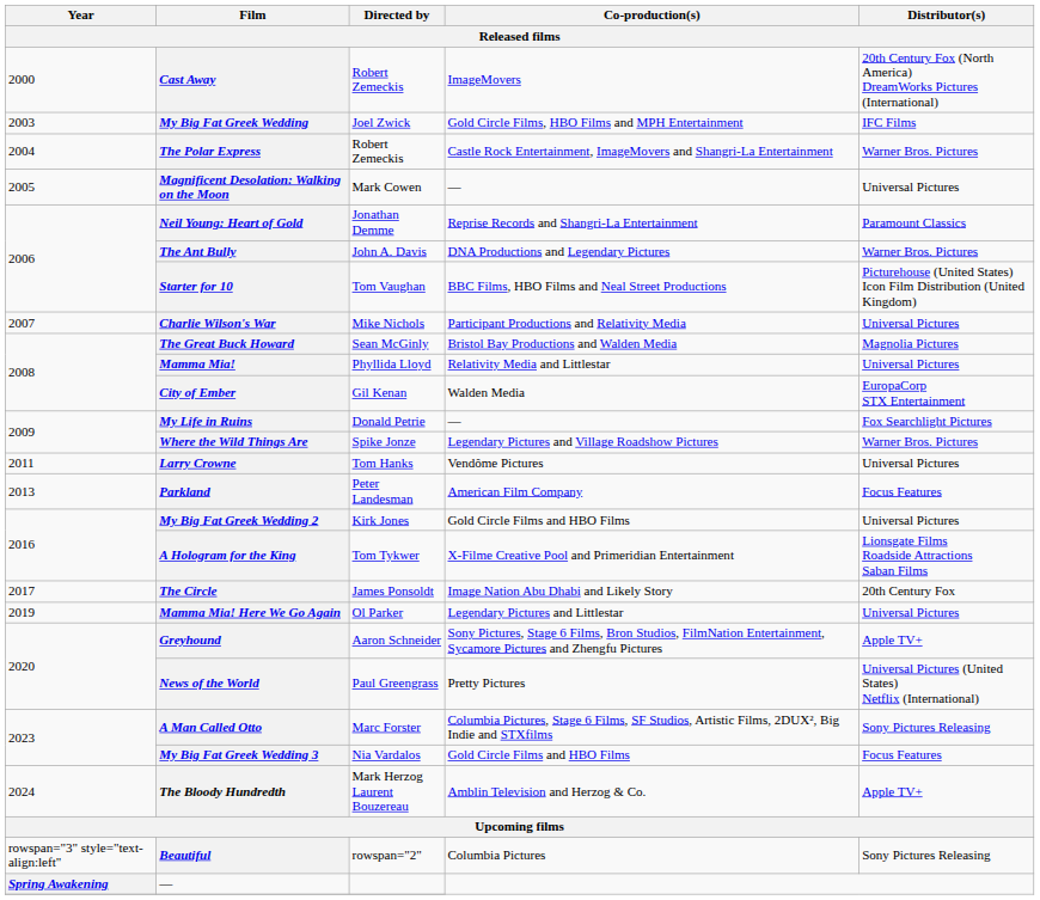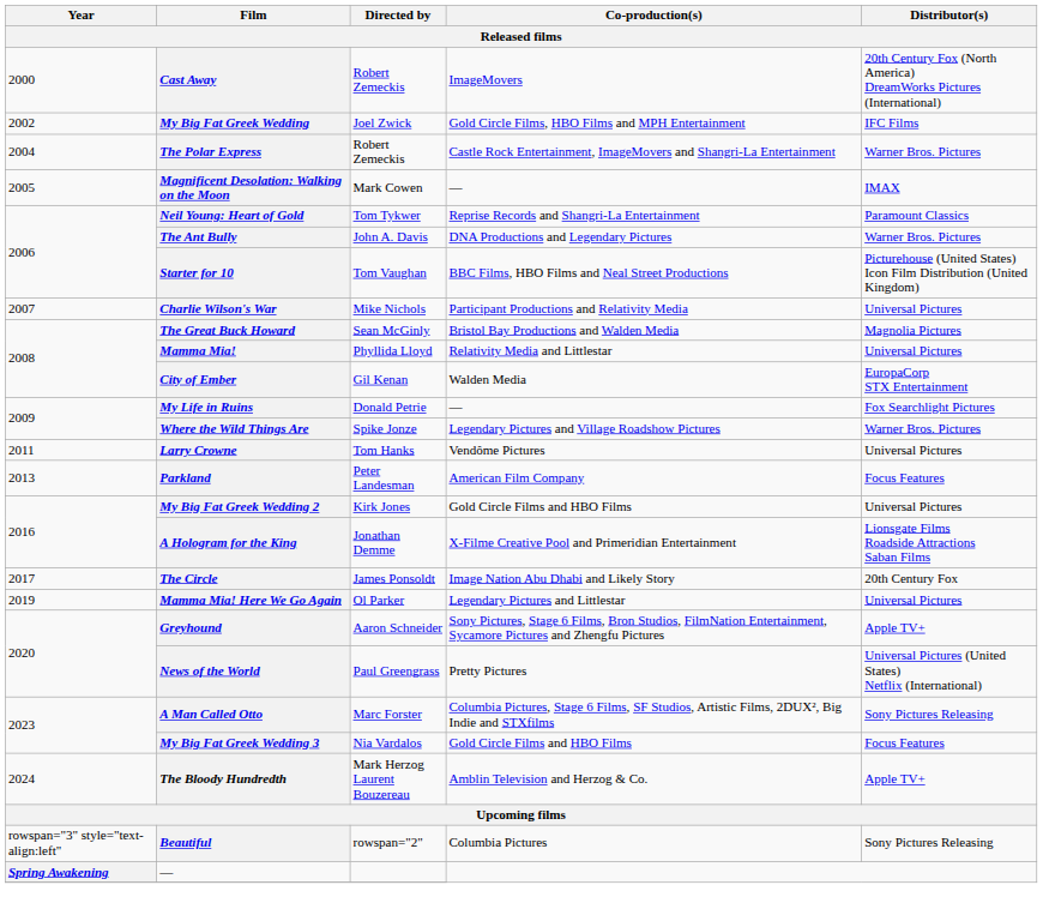 <table class="wikitable sortable">
 <tr>
 <th>Year</th>
 <th>Film</th>
 <th>Directed by</th>
 <th>Co-production(s)</th>
 <th>Distributor(s)</th>
 </tr>
 <tr>
 <th colspan="5" style="text-align:center;">Released films</th>
 </tr>
 <tr>
 <td style="text-align:left">2000</td>
 <th scope="row" style="text-align:left"><em><a href='#'>Cast Away</a></em></th>
 <td><a href='#'>Robert Zemeckis</a></td>
 <td><a href='#'>ImageMovers</a></td>
 <td><a href='#'>20th Century Fox</a> (North America)<br><a href='#'>DreamWorks Pictures</a> (International)</td>
 </tr>
 <tr>
-<td style="text-align:left">2003</td>
+<td style="text-align:left">2002</td>
 <th scope="row" style="text-align:left"><em><a href='#'>My Big Fat Greek Wedding</a></em></th>
 <td><a href='#'>Joel Zwick</a></td>
 <td><a href='#'>Gold Circle Films</a>, <a href='#'>HBO Films</a> and <a href='#'>MPH Entertainment</a></td>
 <td><a href='#'>IFC Films</a></td>
 </tr>
 <tr>
 <td style="text-align:left">2004</td>
 <th scope="row" style="text-align:left"><em><a href='#'>The Polar Express</a></em></th>
 <td>Robert Zemeckis</td>
 <td><a href='#'>Castle Rock Entertainment</a>, <a href='#'>ImageMovers</a> and <a href='#'>Shangri-La Entertainment</a></td>
 <td><a href='#'>Warner Bros. Pictures</a></td>
 </tr>
 <tr>
 <td style="text-align:left">2005</td>
 <th scope="row" style="text-align:left"><em><a href='#'>Magnificent Desolation: Walking on the Moon</a></em></th>
 <td>Mark Cowen</td>
 <td>—</td>
-<td>Universal Pictures</td>
+<td><a href='#'>IMAX</a></td>
 </tr>
 <tr>
 <td rowspan="3" style="text-align:left">2006</td>
 <th scope="row" style="text-align:left"><em><a href='#'>Neil Young: Heart of Gold</a></em></th>
-<td><a href='#'>Jonathan Demme</a></td>
+<td><a href='#'>Tom Tykwer</a></td>
 <td><a href='#'>Reprise Records</a> and <a href='#'>Shangri-La Entertainment</a></td>
 <td><a href='#'>Paramount Classics</a></td>
 </tr>
 <tr>
 <th scope="row" style="text-align:left"><em><a href='#'>The Ant Bully</a></em></th>
 <td><a href='#'>John A. Davis</a></td>
 <td><a href='#'>DNA Productions</a> and <a href='#'>Legendary Pictures</a></td>
 <td><a href='#'>Warner Bros. Pictures</a></td>
 </tr>
 <tr>
 <th scope="row" style="text-align:left"><em><a href='#'>Starter for 10</a></em></th>
 <td><a href='#'>Tom Vaughan</a></td>
 <td><a href='#'>BBC Films</a>, HBO Films and <a href='#'>Neal Street Productions</a></td>
 <td><a href='#'>Picturehouse</a> (United States)<br>Icon Film Distribution (United Kingdom)</td>
 </tr>
 <tr>
 <td style="text-align:left">2007</td>
 <th scope="row" style="text-align:left"><em><a href='#'>Charlie Wilson's War</a></em></th>
 <td><a href='#'>Mike Nichols</a></td>
 <td><a href='#'>Participant Productions</a> and <a href='#'>Relativity Media</a></td>
 <td><a href='#'>Universal Pictures</a></td>
 </tr>
 <tr>
 <td rowspan="3" style="text-align:left">2008</td>
 <th scope="row" style="text-align:left"><em><a href='#'>The Great Buck Howard</a></em></th>
 <td><a href='#'>Sean McGinly</a></td>
 <td><a href='#'>Bristol Bay Productions</a> and <a href='#'>Walden Media</a></td>
 <td><a href='#'>Magnolia Pictures</a></td>
 </tr>
 <tr>
 <th scope="row" style="text-align:left"><em><a href='#'>Mamma Mia!</a></em></th>
 <td><a href='#'>Phyllida Lloyd</a></td>
 <td><a href='#'>Relativity Media</a> and Littlestar</td>
 <td><a href='#'>Universal Pictures</a></td>
 </tr>
 <tr>
 <th scope="row" style="text-align:left"><em><a href='#'>City of Ember</a></em></th>
 <td><a href='#'>Gil Kenan</a></td>
 <td>Walden Media</td>
 <td><a href='#'>EuropaCorp</a><br><a href='#'>STX Entertainment</a></td>
 </tr>
 <tr>
 <td rowspan="2" style="text-align:left">2009</td>
 <th scope="row" style="text-align:left"><em><a href='#'>My Life in Ruins</a></em></th>
 <td><a href='#'>Donald Petrie</a></td>
 <td>—</td>
 <td><a href='#'>Fox Searchlight Pictures</a></td>
 </tr>
 <tr>
 <th scope="row" style="text-align:left"><em><a href='#'>Where the Wild Things Are</a></em></th>
 <td><a href='#'>Spike Jonze</a></td>
 <td><a href='#'>Legendary Pictures</a> and <a href='#'>Village Roadshow Pictures</a></td>
 <td><a href='#'>Warner Bros. Pictures</a></td>
 </tr>
 <tr>
 <td style="text-align:left">2011</td>
 <th scope="row" style="text-align:left"><em><a href='#'>Larry Crowne</a></em></th>
 <td><a href='#'>Tom Hanks</a></td>
 <td>Vendôme Pictures</td>
 <td>Universal Pictures</td>
 </tr>
 <tr>
 <td style="text-align:left">2013</td>
 <th scope="row" style="text-align:left"><em><a href='#'>Parkland</a></em></th>
 <td><a href='#'>Peter Landesman</a></td>
 <td><a href='#'>American Film Company</a></td>
 <td><a href='#'>Focus Features</a></td>
 </tr>
 <tr>
 <td rowspan="2" style="text-align:left">2016</td>
 <th scope="row" style="text-align:left"><em><a href='#'>My Big Fat Greek Wedding 2</a></em></th>
 <td><a href='#'>Kirk Jones</a></td>
 <td>Gold Circle Films and HBO Films</td>
 <td>Universal Pictures</td>
 </tr>
 <tr>
 <th scope="row" style="text-align:left"><em><a href='#'>A Hologram for the King</a></em></th>
-<td><a href='#'>Tom Tykwer</a></td>
+<td><a href='#'>Jonathan Demme</a></td>
 <td><a href='#'>X-Filme Creative Pool</a> and Primeridian Entertainment</td>
 <td><a href='#'>Lionsgate Films</a><br><a href='#'>Roadside Attractions</a><br><a href='#'>Saban Films</a></td>
 </tr>
 <tr>
 <td style="text-align:left">2017</td>
 <th scope="row" style="text-align:left"><em><a href='#'>The Circle</a></em></th>
 <td><a href='#'>James Ponsoldt</a></td>
 <td><a href='#'>Image Nation Abu Dhabi</a> and Likely Story</td>
 <td>20th Century Fox</td>
 </tr>
 <tr>
 <td style="text-align:left">2019</td>
 <th scope="row" style="text-align:left"><em><a href='#'>Mamma Mia! Here We Go Again</a></em></th>
 <td><a href='#'>Ol Parker</a></td>
 <td><a href='#'>Legendary Pictures</a> and Littlestar</td>
 <td><a href='#'>Universal Pictures</a></td>
 </tr>
 <tr>
 <td rowspan="2" style="text-align:left">2020</td>
 <th scope="row" style="text-align:left"><em><a href='#'>Greyhound</a></em></th>
 <td><a href='#'>Aaron Schneider</a></td>
 <td><a href='#'>Sony Pictures</a>, <a href='#'>Stage 6 Films</a>, <a href='#'>Bron Studios</a>, <a href='#'>FilmNation Entertainment</a>, <a href='#'>Sycamore Pictures</a> and Zhengfu Pictures</td>
 <td><a href='#'>Apple TV+</a></td>
 </tr>
 <tr>
 <th scope="row" style="text-align:left"><em><a href='#'>News of the World</a></em></th>
 <td><a href='#'>Paul Greengrass</a></td>
 <td>Pretty Pictures</td>
 <td><a href='#'>Universal Pictures</a> (United States)<br><a href='#'>Netflix</a> (International)</td>
 </tr>
 <tr>
 <td rowspan="2" style="text-align:left">2023</td>
 <th scope="row" style="text-align:left"><em><a href='#'>A Man Called Otto</a></em></th>
 <td><a href='#'>Marc Forster</a></td>
 <td><a href='#'>Columbia Pictures</a>, <a href='#'>Stage 6 Films</a>, <a href='#'>SF Studios</a>, Artistic Films, 2DUX², Big Indie and <a href='#'>STXfilms</a></td>
 <td><a href='#'>Sony Pictures Releasing</a></td>
 </tr>
 <tr>
 <th scope="row" style="text-align:left"><em><a href='#'>My Big Fat Greek Wedding 3</a></em></th>
 <td><a href='#'>Nia Vardalos</a></td>
 <td><a href='#'>Gold Circle Films</a> and <a href='#'>HBO Films</a></td>
 <td><a href='#'>Focus Features</a></td>
 </tr>
 <tr>
 <td style="text-align:left">2024</td>
 <th scope="row" style="text-align:left"><em>The Bloody Hundredth</em></th>
 <td>Mark Herzog<br><a href='#'>Laurent Bouzereau</a></td>
 <td><a href='#'>Amblin Television</a> and Herzog & Co.</td>
 <td><a href='#'>Apple TV+</a></td>
 </tr>
 <tr>
 <th colspan="5" style="text-align:center;">Upcoming films</th>
 </tr>
 <tr>
 <td>rowspan="3" style="text-align:left" </td>
 <th scope="row" style="text-align:left"><em><a href='#'>Beautiful</a></em></th>
 <td>rowspan="2" </td>
 <td>Columbia Pictures</td>
 <td>Sony Pictures Releasing</td>
 </tr>
 <tr>
 <th scope="row" style="text-align:left"><em><a href='#'>Spring Awakening</a></em></th>
 <td>—</td>
 <td></td>
 </tr>
 <tr>
 </tr>
 </table>
